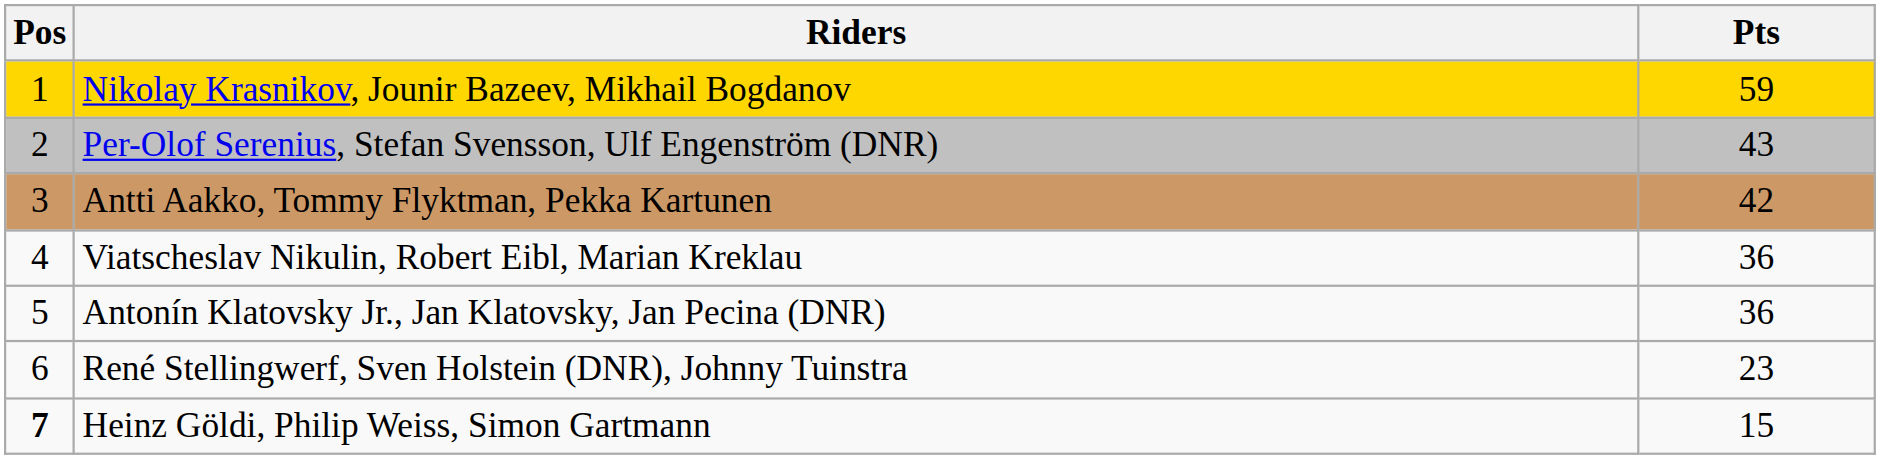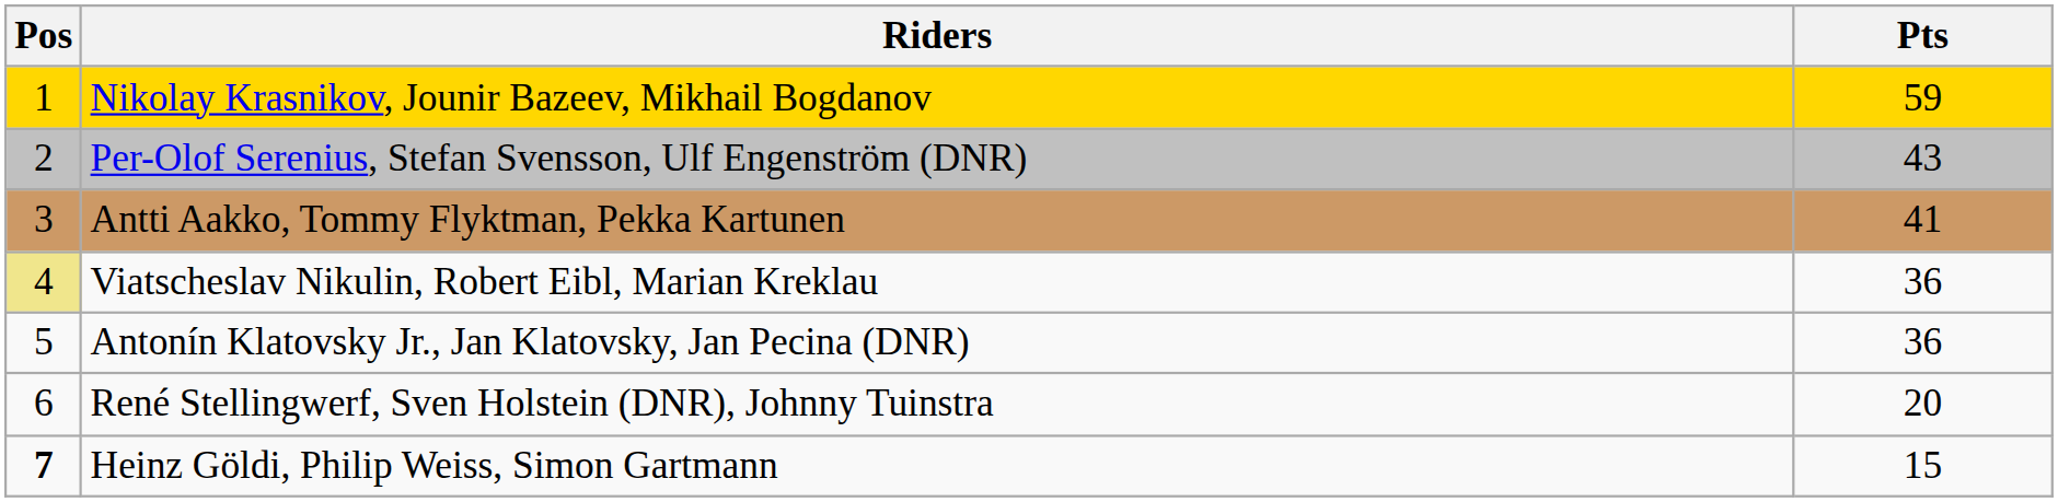 <table class="wikitable" style="font-size: 100%">
 <tr>
 <th width=20>Pos</th>
 <th width=700>Riders</th>
 <th width=100>Pts</th>
 </tr>
 <tr align=center style="background-color: gold;">
 <td>1</td>
 <td align="left"> <a href='#'>Nikolay Krasnikov</a>, Jounir Bazeev, Mikhail Bogdanov</td>
 <td>59</td>
 </tr>
 <tr align=center style="background-color: silver;">
 <td>2</td>
 <td align="left"> <a href='#'>Per-Olof Serenius</a>, Stefan Svensson, Ulf Engenström (DNR)</td>
 <td>43</td>
 </tr>
 <tr align=center style="background-color: #cc9966;">
 <td>3</td>
 <td align="left"> Antti Aakko, Tommy Flyktman, Pekka Kartunen</td>
-<td>42</td>
+<td>41</td>
 </tr>
 <tr align=center>
-<td>4</td>
+<td style="background: khaki;">4</td>
 <td align="left"> Viatscheslav Nikulin, Robert Eibl, Marian Kreklau</td>
 <td>36</td>
 </tr>
 <tr align=center>
 <td>5</td>
 <td align="left"> Antonín Klatovsky Jr., Jan Klatovsky, Jan Pecina (DNR)</td>
 <td>36</td>
 </tr>
 <tr align=center>
 <td>6</td>
 <td align="left"> René Stellingwerf, Sven Holstein (DNR), Johnny Tuinstra</td>
-<td>23</td>
+<td>20</td>
 </tr>
 <tr align=center>
 <td><strong>7</strong></td>
 <td align="left"> Heinz Göldi, Philip Weiss, Simon Gartmann</td>
 <td>15</td>
 </tr>
 </table>
